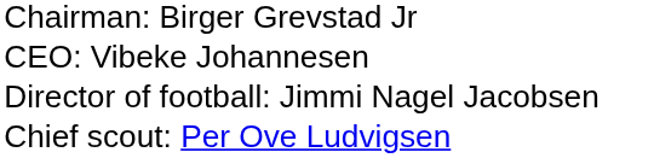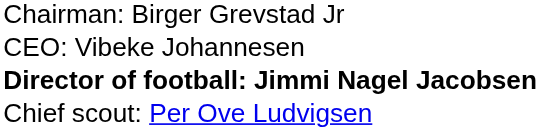 <table cellpadding="0" cellspacing="2">
 <tr>
 <td>Chairman: Birger Grevstad Jr</td>
 </tr>
 <tr>
 <td>CEO: Vibeke Johannesen</td>
 </tr>
 <tr>
-<td>Director of football: Jimmi Nagel Jacobsen</td>
+<td><strong>Director of football: Jimmi Nagel Jacobsen</strong></td>
 </tr>
 <tr>
 <td>Chief scout: <a href='#'>Per Ove Ludvigsen</a></td>
 </tr>
 </table>
